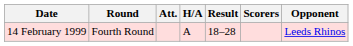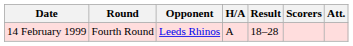 <table class="wikitable" style="font-size:85%;">
 <tr>
 <th>Date</th>
 <th>Round</th>
-<th>Att.</th>
+<th>Opponent</th>
 <th>H/A</th>
 <th>Result</th>
 <th>Scorers</th>
-<th>Opponent</th>
+<th>Att.</th>
 </tr>
 <tr style="background:#ffdddd">
 <td>14 February 1999</td>
 <td>Fourth Round</td>
-<td></td>
+<td> <a href='#'>Leeds Rhinos</a></td>
 <td>A</td>
 <td>18–28</td>
 <td></td>
-<td> <a href='#'>Leeds Rhinos</a></td>
+<td></td>
 </tr>
 </table>
